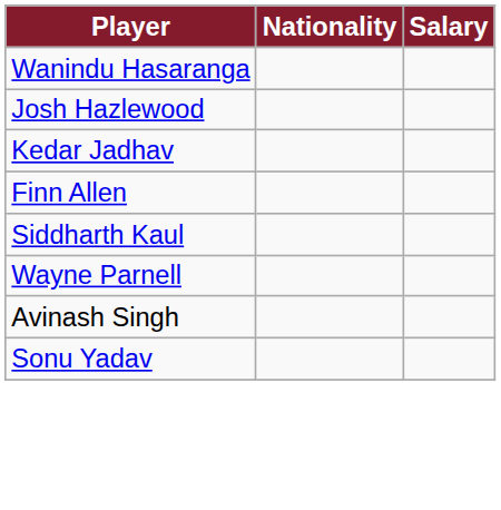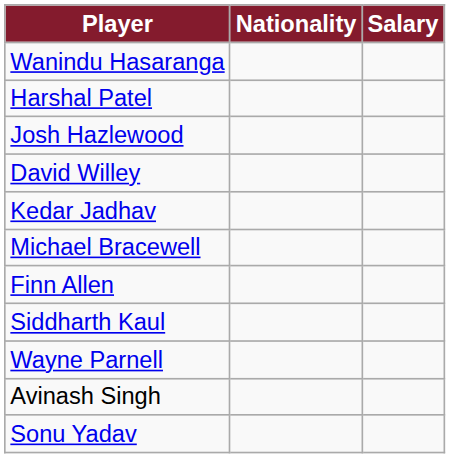 <table class="wikitable" style="font-size:90%;">
 <tr>
 <th style="background: #841B2D;color:white">Player</th>
 <th style="background: #841B2D;color:white">Nationality</th>
 <th style="background: #841B2D;color:white">Salary</th>
 </tr>
 <tr>
 <td><a href='#'>Wanindu Hasaranga</a></td>
 <td></td>
 <td></td>
 </tr>
 <tr>
+<td><a href='#'>Harshal Patel</a></td>
+<td></td>
+<td></td>
+</tr>
+<tr>
 <td><a href='#'>Josh Hazlewood</a></td>
 <td></td>
 <td></td>
 </tr>
 <tr>
+<td><a href='#'>David Willey</a></td>
+<td></td>
+<td></td>
+</tr>
+<tr>
 <td><a href='#'>Kedar Jadhav</a></td>
+<td></td>
+<td></td>
+</tr>
+<tr>
+<td><a href='#'>Michael Bracewell</a></td>
 <td></td>
 <td></td>
 </tr>
 <tr>
 <td><a href='#'>Finn Allen</a></td>
 <td></td>
 <td></td>
 </tr>
 <tr>
 <td><a href='#'>Siddharth Kaul</a></td>
 <td></td>
 <td></td>
 </tr>
 <tr>
 <td><a href='#'>Wayne Parnell</a></td>
 <td></td>
 <td></td>
 </tr>
 <tr>
 <td>Avinash Singh</td>
 <td></td>
 <td></td>
 </tr>
 <tr>
 <td><a href='#'>Sonu Yadav</a></td>
 <td></td>
 <td></td>
 </tr>
 </table>
